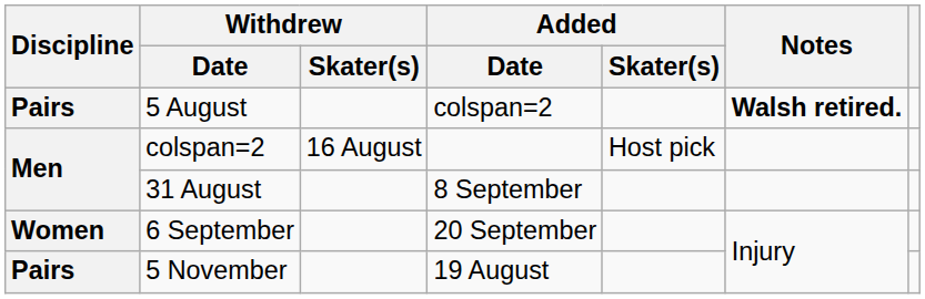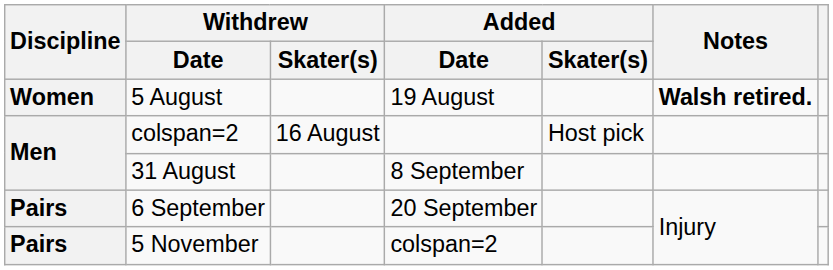 <table class="wikitable unsortable">
 <tr>
 <th scope="col" rowspan=2>Discipline</th>
 <th scope="col" colspan=2>Withdrew</th>
 <th scope="col" colspan=2>Added</th>
 <th scope="col" rowspan=2>Notes</th>
 <th scope="col" rowspan=2></th>
 </tr>
 <tr>
 <th>Date</th>
 <th>Skater(s)</th>
 <th>Date</th>
 <th>Skater(s)</th>
 </tr>
 <tr>
-<th scope="row" style="text-align:left">Pairs</th>
+<th scope="row" style="text-align:left">Women</th>
 <td>5 August</td>
 <td></td>
-<td>colspan=2 </td>
+<td>19 August</td>
 <td></td>
 <td><strong>Walsh retired.</strong></td>
 <td></td>
 </tr>
 <tr>
 <th scope="row" style="text-align:left" rowspan=2>Men</th>
 <td>colspan=2 </td>
 <td>16 August</td>
 <td></td>
 <td>Host pick</td>
 <td></td>
 </tr>
 <tr>
 <td>31 August</td>
 <td></td>
 <td>8 September</td>
 <td></td>
 <td></td>
 <td></td>
 </tr>
 <tr>
-<th scope="row" style="text-align:left">Women</th>
+<th scope="row" style="text-align:left">Pairs</th>
 <td>6 September</td>
 <td></td>
 <td>20 September</td>
 <td></td>
 <td rowspan="2">Injury</td>
 <td></td>
 </tr>
 <tr>
 <th scope="row" style="text-align:left">Pairs</th>
 <td>5 November</td>
 <td></td>
-<td>19 August</td>
+<td>colspan=2 </td>
 <td></td>
 </tr>
 </table>
